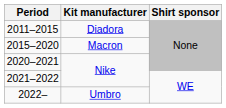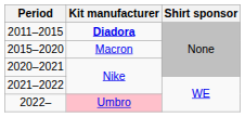 <table class="wikitable" style="text-align: center">
 <tr>
 <th>Period</th>
 <th>Kit manufacturer</th>
 <th>Shirt sponsor</th>
 </tr>
 <tr>
 <td>2011–2015</td>
-<td> <a href='#'>Diadora</a></td>
+<td><strong> <a href='#'>Diadora</a></strong></td>
 <td rowspan=3 style=background:silver>None</td>
 </tr>
 <tr>
 <td>2015–2020</td>
 <td> <a href='#'>Macron</a></td>
 </tr>
 <tr>
 <td>2020–2021</td>
 <td rowspan=2> <a href='#'>Nike</a></td>
 </tr>
 <tr>
 <td>2021–2022</td>
 <td rowspan=2><a href='#'>WE</a></td>
 </tr>
 <tr>
 <td>2022–</td>
-<td> <a href='#'>Umbro</a></td>
+<td style="background: pink;"> <a href='#'>Umbro</a></td>
 </tr>
 </table>
